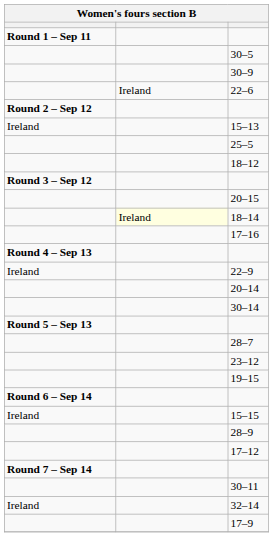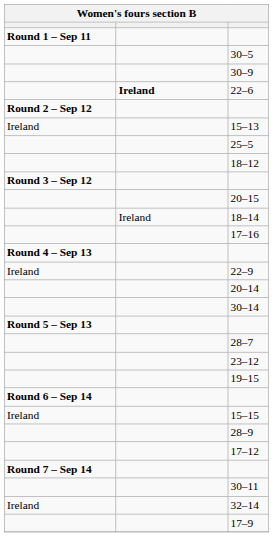 <table class="wikitable">
 <tr>
 <th colspan="3">Women's fours section B</th>
 </tr>
 <tr>
 <th width=150></th>
 <th width=150></th>
 <th width=50></th>
 </tr>
 <tr>
 <td><strong>Round 1 – Sep 11</strong></td>
 <td></td>
 <td></td>
 </tr>
 <tr>
 <td></td>
 <td></td>
 <td>30–5</td>
 </tr>
 <tr>
 <td></td>
 <td></td>
 <td>30–9</td>
 </tr>
 <tr>
 <td></td>
-<td> Ireland</td>
+<td><strong> Ireland</strong></td>
 <td>22–6</td>
 </tr>
 <tr>
 <td><strong>Round 2 – Sep 12</strong></td>
 <td></td>
 <td></td>
 </tr>
 <tr>
 <td> Ireland</td>
 <td></td>
 <td>15–13</td>
 </tr>
 <tr>
 <td></td>
 <td></td>
 <td>25–5</td>
 </tr>
 <tr>
 <td></td>
 <td></td>
 <td>18–12</td>
 </tr>
 <tr>
 <td><strong>Round 3 – Sep 12</strong></td>
 <td></td>
 <td></td>
 </tr>
 <tr>
 <td></td>
 <td></td>
 <td>20–15</td>
 </tr>
 <tr>
 <td></td>
-<td style="background: lightyellow;"> Ireland</td>
+<td> Ireland</td>
 <td>18–14</td>
 </tr>
 <tr>
 <td></td>
 <td></td>
 <td>17–16</td>
 </tr>
 <tr>
 <td><strong>Round 4 – Sep 13</strong></td>
 <td></td>
 <td></td>
 </tr>
 <tr>
 <td> Ireland</td>
 <td></td>
 <td>22–9</td>
 </tr>
 <tr>
 <td></td>
 <td></td>
 <td>20–14</td>
 </tr>
 <tr>
 <td></td>
 <td></td>
 <td>30–14</td>
 </tr>
 <tr>
 <td><strong>Round 5 – Sep 13</strong></td>
 <td></td>
 <td></td>
 </tr>
 <tr>
 <td></td>
 <td></td>
 <td>28–7</td>
 </tr>
 <tr>
 <td></td>
 <td></td>
 <td>23–12</td>
 </tr>
 <tr>
 <td></td>
 <td></td>
 <td>19–15</td>
 </tr>
 <tr>
 <td><strong>Round 6  – Sep 14</strong></td>
 <td></td>
 <td></td>
 </tr>
 <tr>
 <td> Ireland</td>
 <td></td>
 <td>15–15</td>
 </tr>
 <tr>
 <td></td>
 <td></td>
 <td>28–9</td>
 </tr>
 <tr>
 <td></td>
 <td></td>
 <td>17–12</td>
 </tr>
 <tr>
 <td><strong>Round 7 – Sep 14</strong></td>
 <td></td>
 <td></td>
 </tr>
 <tr>
 <td></td>
 <td></td>
 <td>30–11</td>
 </tr>
 <tr>
 <td> Ireland</td>
 <td></td>
 <td>32–14</td>
 </tr>
 <tr>
 <td></td>
 <td></td>
 <td>17–9</td>
 </tr>
 <tr>
 </tr>
 </table>
